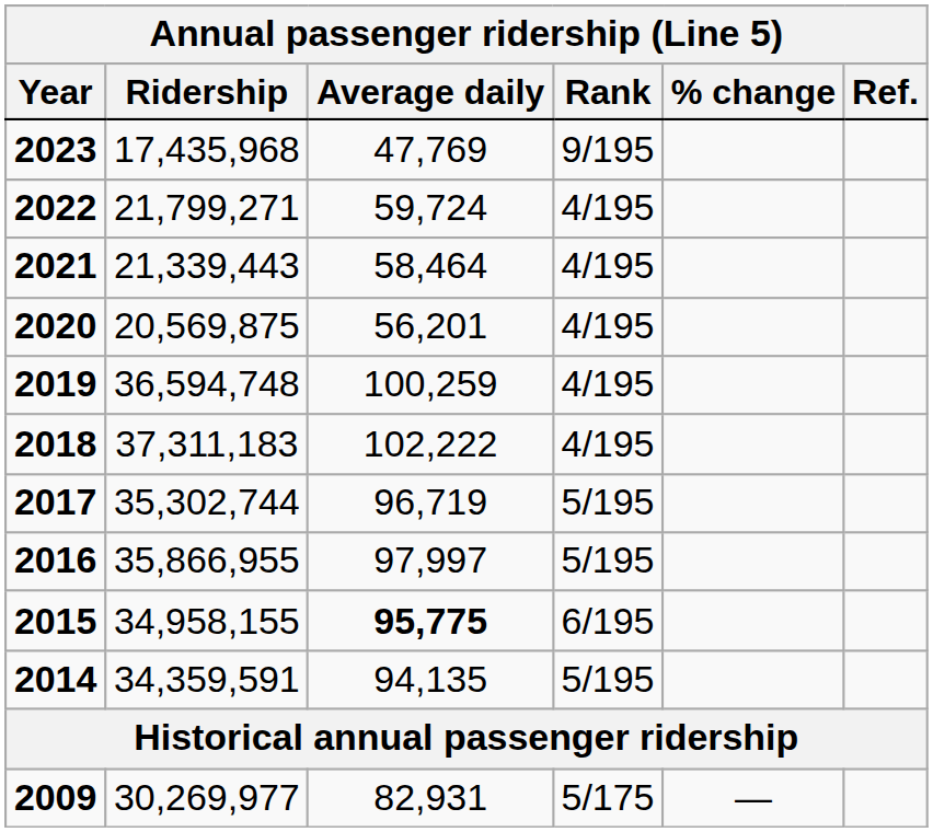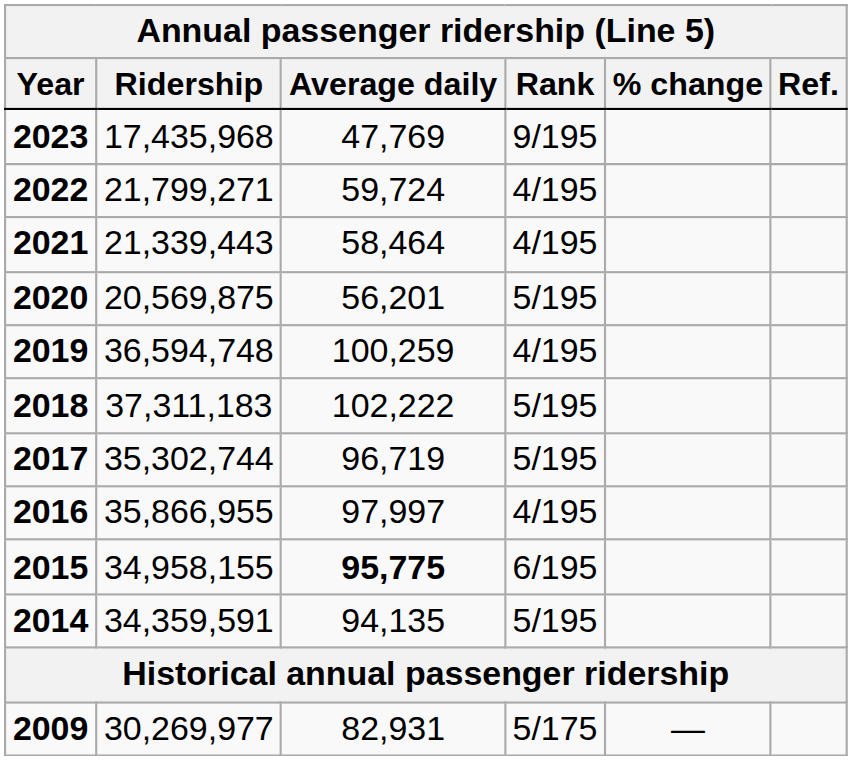 <table class="wikitable sortable" style="text-align:right;">
 <tr>
 <th colspan="6" style="background-color:#">Annual passenger ridership (Line 5)</th>
 </tr>
 <tr style="font-size:95%; text-align:center">
 <th style="border-bottom:1px solid black">Year</th>
 <th style="border-bottom:1px solid black">Ridership</th>
 <th style="border-bottom:1px solid black">Average daily</th>
 <th style="border-bottom:1px solid black">Rank</th>
 <th style="border-bottom:1px solid black">% change</th>
 <th style="border-bottom:1px solid black">Ref.</th>
 </tr>
 <tr style="text-align:center;">
 <td><strong>2023</strong></td>
 <td>17,435,968</td>
 <td>47,769</td>
 <td>9/195</td>
 <td></td>
 <td></td>
 </tr>
 <tr>
 </tr>
 <tr style="text-align:center;">
 <td><strong>2022</strong></td>
 <td>21,799,271</td>
 <td>59,724</td>
 <td>4/195</td>
 <td></td>
 <td></td>
 </tr>
 <tr style="text-align:center;">
 <td><strong>2021</strong></td>
 <td>21,339,443</td>
 <td>58,464</td>
 <td>4/195</td>
 <td></td>
 <td></td>
 </tr>
 <tr style="text-align:center;">
 <td><strong>2020</strong></td>
 <td>20,569,875</td>
 <td>56,201</td>
-<td>4/195</td>
+<td>5/195</td>
 <td></td>
 <td></td>
 </tr>
 <tr style="text-align:center;">
 <td><strong>2019</strong></td>
 <td>36,594,748</td>
 <td>100,259</td>
 <td>4/195</td>
 <td></td>
 <td></td>
 </tr>
 <tr style="text-align:center;">
 <td><strong>2018</strong></td>
 <td>37,311,183</td>
 <td>102,222</td>
-<td>4/195</td>
+<td>5/195</td>
 <td></td>
 <td></td>
 </tr>
 <tr style="text-align:center;">
 <td><strong>2017</strong></td>
 <td>35,302,744</td>
 <td>96,719</td>
 <td>5/195</td>
 <td></td>
 <td></td>
 </tr>
 <tr style="text-align:center;">
 <td><strong>2016</strong></td>
 <td>35,866,955</td>
 <td>97,997</td>
-<td>5/195</td>
+<td>4/195</td>
 <td></td>
 <td></td>
 </tr>
 <tr style="text-align:center;">
 <td><strong>2015</strong></td>
 <td>34,958,155</td>
 <td><strong>95,775</strong></td>
 <td>6/195</td>
 <td></td>
 <td></td>
 </tr>
 <tr style="text-align:center;">
 <td><strong>2014</strong></td>
 <td>34,359,591</td>
 <td>94,135</td>
 <td>5/195</td>
 <td></td>
 <td></td>
 </tr>
 <tr>
 <th colspan="6" style="background-color:#">Historical annual passenger ridership</th>
 </tr>
 <tr style="text-align:center;">
 <td><strong>2009</strong></td>
 <td>30,269,977</td>
 <td>82,931</td>
 <td>5/175</td>
 <td>—</td>
 <td></td>
 </tr>
 </table>
